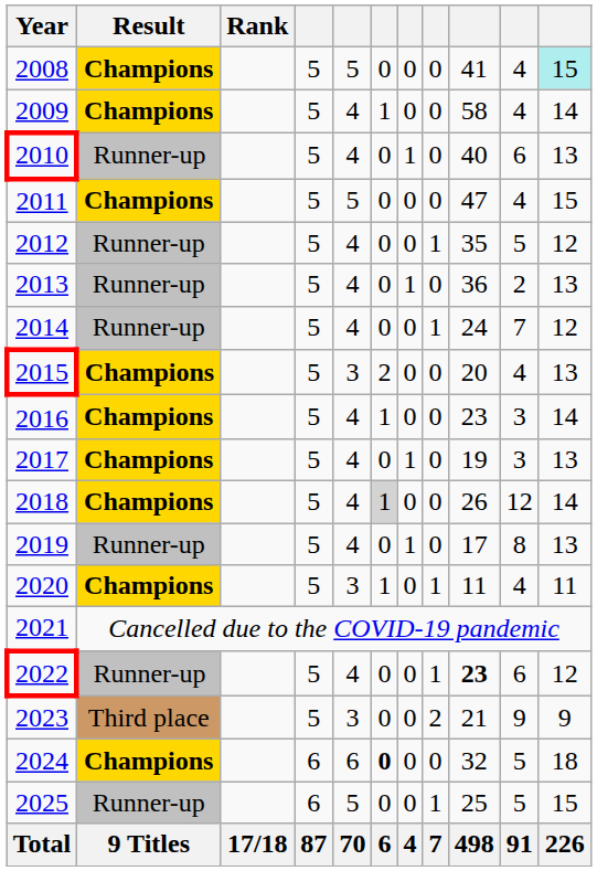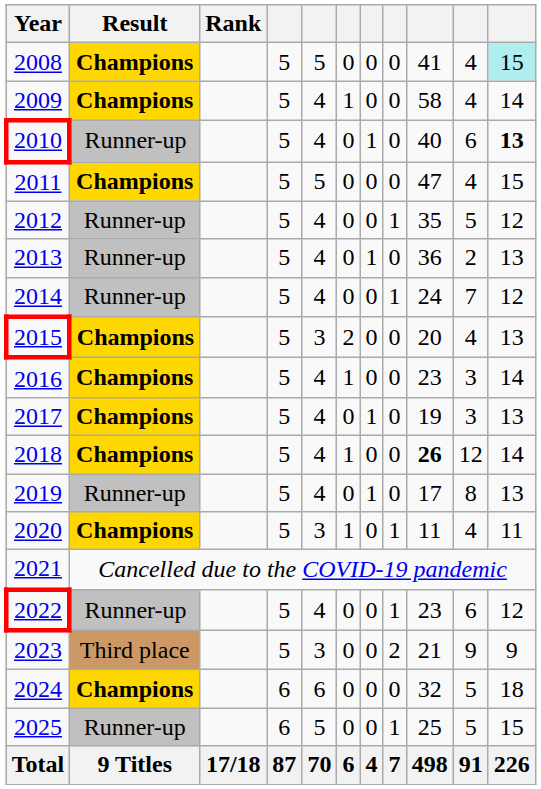 <table class="wikitable" style="font-size: 100%; text-align: center;">
 <tr>
 <th>Year</th>
 <th>Result</th>
 <th>Rank</th>
 <th></th>
 <th></th>
 <th></th>
 <th></th>
 <th></th>
 <th></th>
 <th></th>
 <th></th>
 </tr>
 <tr>
 <td> <a href='#'>2008</a></td>
 <td style="background:gold;"><strong>Champions</strong></td>
 <td></td>
 <td>5</td>
 <td>5</td>
 <td>0</td>
 <td>0</td>
 <td>0</td>
 <td>41</td>
 <td>4</td>
 <td style="background: paleturquoise;">15</td>
 </tr>
 <tr>
 <td> <a href='#'>2009</a></td>
 <td style="background:gold;"><strong>Champions</strong></td>
 <td></td>
 <td>5</td>
 <td>4</td>
 <td>1</td>
 <td>0</td>
 <td>0</td>
 <td>58</td>
 <td>4</td>
 <td>14</td>
 </tr>
 <tr>
 <td style="border: 3px solid red"> <a href='#'>2010</a></td>
 <td style="background:silver;">Runner-up</td>
 <td></td>
 <td>5</td>
 <td>4</td>
 <td>0</td>
 <td>1</td>
 <td>0</td>
 <td>40</td>
 <td>6</td>
-<td>13</td>
+<td><strong>13</strong></td>
 </tr>
 <tr>
 <td> <a href='#'>2011</a></td>
 <td style="background:gold;"><strong>Champions</strong></td>
 <td></td>
 <td>5</td>
 <td>5</td>
 <td>0</td>
 <td>0</td>
 <td>0</td>
 <td>47</td>
 <td>4</td>
 <td>15</td>
 </tr>
 <tr>
 <td> <a href='#'>2012</a></td>
 <td style="background:silver;">Runner-up</td>
 <td></td>
 <td>5</td>
 <td>4</td>
 <td>0</td>
 <td>0</td>
 <td>1</td>
 <td>35</td>
 <td>5</td>
 <td>12</td>
 </tr>
 <tr>
 <td> <a href='#'>2013</a></td>
 <td style="background:silver;">Runner-up</td>
 <td></td>
 <td>5</td>
 <td>4</td>
 <td>0</td>
 <td>1</td>
 <td>0</td>
 <td>36</td>
 <td>2</td>
 <td>13</td>
 </tr>
 <tr>
 <td> <a href='#'>2014</a></td>
 <td style="background:silver;">Runner-up</td>
 <td></td>
 <td>5</td>
 <td>4</td>
 <td>0</td>
 <td>0</td>
 <td>1</td>
 <td>24</td>
 <td>7</td>
 <td>12</td>
 </tr>
 <tr>
 <td style="border: 3px solid red"> <a href='#'>2015</a></td>
 <td style="background:gold;"><strong>Champions</strong></td>
 <td></td>
 <td>5</td>
 <td>3</td>
 <td>2</td>
 <td>0</td>
 <td>0</td>
 <td>20</td>
 <td>4</td>
 <td>13</td>
 </tr>
 <tr>
 <td> <a href='#'>2016</a></td>
 <td style="background:gold;"><strong>Champions</strong></td>
 <td></td>
 <td>5</td>
 <td>4</td>
 <td>1</td>
 <td>0</td>
 <td>0</td>
 <td>23</td>
 <td>3</td>
 <td>14</td>
 </tr>
 <tr>
 <td> <a href='#'>2017</a></td>
 <td style="background:gold;"><strong>Champions</strong></td>
 <td></td>
 <td>5</td>
 <td>4</td>
 <td>0</td>
 <td>1</td>
 <td>0</td>
 <td>19</td>
 <td>3</td>
 <td>13</td>
 </tr>
 <tr>
 <td> <a href='#'>2018</a></td>
 <td style="background:gold;"><strong>Champions</strong></td>
 <td></td>
 <td>5</td>
 <td>4</td>
-<td style="background: lightgrey;">1</td>
+<td>1</td>
 <td>0</td>
 <td>0</td>
-<td>26</td>
+<td><strong>26</strong></td>
 <td>12</td>
 <td>14</td>
 </tr>
 <tr>
 <td> <a href='#'>2019</a></td>
 <td style="background:silver;">Runner-up</td>
 <td></td>
 <td>5</td>
 <td>4</td>
 <td>0</td>
 <td>1</td>
 <td>0</td>
 <td>17</td>
 <td>8</td>
 <td>13</td>
 </tr>
 <tr>
 <td> <a href='#'>2020</a></td>
 <td style="background:gold;"><strong>Champions</strong></td>
 <td></td>
 <td>5</td>
 <td>3</td>
 <td>1</td>
 <td>0</td>
 <td>1</td>
 <td>11</td>
 <td>4</td>
 <td>11</td>
 </tr>
 <tr>
 <td> <a href='#'>2021</a></td>
 <td colspan="10" align="center"><em>Cancelled due to the <a href='#'>COVID-19 pandemic</a></em></td>
 </tr>
 <tr>
 <td style="border: 3px solid red"> <a href='#'>2022</a></td>
 <td style="background:silver;">Runner-up</td>
 <td></td>
 <td>5</td>
 <td>4</td>
 <td>0</td>
 <td>0</td>
 <td>1</td>
-<td><strong>23</strong></td>
+<td>23</td>
 <td>6</td>
 <td>12</td>
 </tr>
 <tr>
 <td> <a href='#'>2023</a></td>
 <td style="background:#c96;">Third place</td>
 <td></td>
 <td>5</td>
 <td>3</td>
 <td>0</td>
 <td>0</td>
 <td>2</td>
 <td>21</td>
 <td>9</td>
 <td>9</td>
 </tr>
 <tr>
 <td> <a href='#'>2024</a></td>
 <td style="background:gold;"><strong>Champions</strong></td>
 <td></td>
 <td>6</td>
 <td>6</td>
-<td><strong>0</strong></td>
+<td>0</td>
 <td>0</td>
 <td>0</td>
 <td>32</td>
 <td>5</td>
 <td>18</td>
 </tr>
 <tr>
 <td> <a href='#'>2025</a></td>
 <td style="background:silver;">Runner-up</td>
 <td></td>
 <td>6</td>
 <td>5</td>
 <td>0</td>
 <td>0</td>
 <td>1</td>
 <td>25</td>
 <td>5</td>
 <td>15</td>
 </tr>
 <tr>
 <th>Total</th>
 <th>9 Titles</th>
 <th>17/18</th>
 <th>87</th>
 <th>70</th>
 <th>6</th>
 <th>4</th>
 <th>7</th>
 <th>498</th>
 <th>91</th>
 <th>226</th>
 </tr>
 </table>
